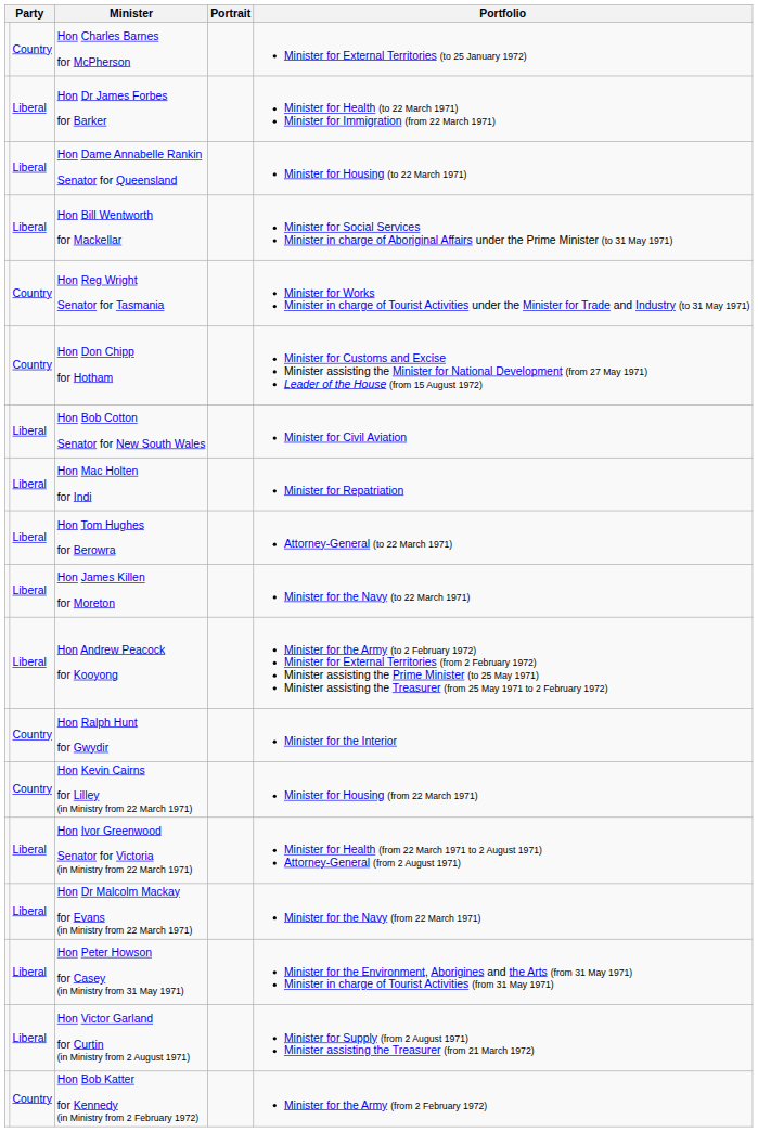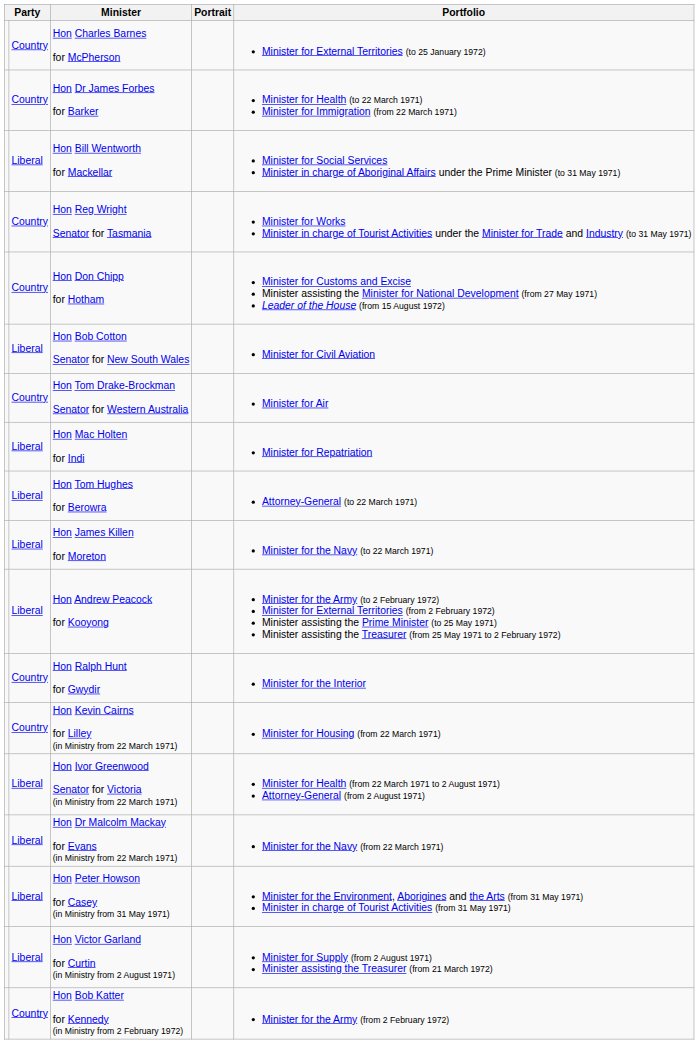 <table class="wikitable sortable">
 <tr>
 <th colspan="2">Party</th>
 <th>Minister</th>
 <th>Portrait</th>
 <th>Portfolio</th>
 </tr>
 <tr>
 <td></td>
 <td><a href='#'>Country</a></td>
 <td><a href='#'>Hon</a> <a href='#'>Charles Barnes</a> <br><br> for <a href='#'>McPherson</a> <br></td>
 <td></td>
 <td><br><ul><li><a href='#'>Minister for External Territories</a> <small>(to 25 January 1972)</small></li></ul></td>
 </tr>
 <tr>
 <td></td>
-<td><a href='#'>Liberal</a></td>
+<td><a href='#'>Country</a></td>
 <td><a href='#'>Hon</a> <a href='#'>Dr James Forbes</a>  <br><br> for <a href='#'>Barker</a> <br></td>
 <td></td>
 <td><br><ul><li><a href='#'>Minister for Health</a> <small>(to 22 March 1971)</small></li><li><a href='#'>Minister for Immigration</a> <small>(from 22 March 1971)</small></li></ul></td>
-</tr>
-<tr>
-<td></td>
-<td><a href='#'>Liberal</a></td>
-<td><a href='#'>Hon</a> <a href='#'>Dame Annabelle Rankin</a>  <br><br><a href='#'>Senator</a> for <a href='#'>Queensland</a> <br></td>
-<td></td>
-<td><br><ul><li><a href='#'>Minister for Housing</a> <small>(to 22 March 1971)</small></li></ul></td>
 </tr>
 <tr>
 <td></td>
 <td><a href='#'>Liberal</a></td>
 <td><a href='#'>Hon</a> <a href='#'>Bill Wentworth</a> <br><br> for <a href='#'>Mackellar</a> <br></td>
 <td></td>
 <td><br><ul><li><a href='#'>Minister for Social Services</a></li><li><a href='#'>Minister in charge of Aboriginal Affairs</a> under the Prime Minister <small>(to 31 May 1971)</small></li></ul></td>
 </tr>
 <tr>
 <td></td>
 <td><a href='#'>Country</a></td>
 <td><a href='#'>Hon</a> <a href='#'>Reg Wright</a> <br><br><a href='#'>Senator</a> for <a href='#'>Tasmania</a> <br></td>
 <td></td>
 <td><br><ul><li><a href='#'>Minister for Works</a></li><li><a href='#'>Minister in charge of Tourist Activities</a> under the <a href='#'>Minister for Trade</a> and <a href='#'>Industry</a>  <small>(to 31 May 1971)</small></li></ul></td>
 </tr>
 <tr>
 <td></td>
 <td><a href='#'>Country</a></td>
 <td><a href='#'>Hon</a> <a href='#'>Don Chipp</a> <br><br> for <a href='#'>Hotham</a> <br></td>
 <td></td>
 <td><br><ul><li><a href='#'>Minister for Customs and Excise</a></li><li>Minister assisting the <a href='#'>Minister for National Development</a> <small>(from 27 May 1971)</small></li><li><em><a href='#'>Leader of the House</a></em> <small>(from 15 August 1972)</small></li></ul></td>
 </tr>
 <tr>
 <td></td>
 <td><a href='#'>Liberal</a></td>
 <td><a href='#'>Hon</a> <a href='#'>Bob Cotton</a> <br><br><a href='#'>Senator</a> for <a href='#'>New South Wales</a> <br></td>
 <td></td>
 <td><br><ul><li><a href='#'>Minister for Civil Aviation</a></li></ul></td>
+</tr>
+<tr>
+<td></td>
+<td><a href='#'>Country</a></td>
+<td><a href='#'>Hon</a> <a href='#'>Tom Drake-Brockman</a>  <br><br><a href='#'>Senator</a> for <a href='#'>Western Australia</a> <br></td>
+<td></td>
+<td><br><ul><li><a href='#'>Minister for Air</a></li></ul></td>
 </tr>
 <tr>
 <td></td>
 <td><a href='#'>Liberal</a></td>
 <td><a href='#'>Hon</a> <a href='#'>Mac Holten</a> <br><br> for <a href='#'>Indi</a> <br></td>
 <td></td>
 <td><br><ul><li><a href='#'>Minister for Repatriation</a></li></ul></td>
 </tr>
 <tr>
 <td></td>
 <td><a href='#'>Liberal</a></td>
 <td><a href='#'>Hon</a> <a href='#'>Tom Hughes</a>  <br><br> for <a href='#'>Berowra</a> <br></td>
 <td></td>
 <td><br><ul><li><a href='#'>Attorney-General</a> <small>(to 22 March 1971)</small></li></ul></td>
 </tr>
 <tr>
 <td></td>
 <td><a href='#'>Liberal</a></td>
 <td><a href='#'>Hon</a> <a href='#'>James Killen</a> <br><br> for <a href='#'>Moreton</a> <br></td>
 <td></td>
 <td><br><ul><li><a href='#'>Minister for the Navy</a> <small>(to 22 March 1971)</small></li></ul></td>
 </tr>
 <tr>
 <td></td>
 <td><a href='#'>Liberal</a></td>
 <td><a href='#'>Hon</a> <a href='#'>Andrew Peacock</a> <br><br> for <a href='#'>Kooyong</a> <br></td>
 <td></td>
 <td><br><ul><li><a href='#'>Minister for the Army</a> <small>(to 2 February 1972)</small></li><li><a href='#'>Minister for External Territories</a> <small>(from 2 February 1972)</small></li><li>Minister assisting the <a href='#'>Prime Minister</a> <small>(to 25 May 1971)</small></li><li>Minister assisting the <a href='#'>Treasurer</a> <small>(from 25 May 1971 to 2 February 1972)</small></li></ul></td>
 </tr>
 <tr>
 <td></td>
 <td><a href='#'>Country</a></td>
 <td><a href='#'>Hon</a> <a href='#'>Ralph Hunt</a> <br><br> for <a href='#'>Gwydir</a> <br></td>
 <td></td>
 <td><br><ul><li><a href='#'>Minister for the Interior</a></li></ul></td>
 </tr>
 <tr>
 <td></td>
 <td><a href='#'>Country</a></td>
 <td><a href='#'>Hon</a> <a href='#'>Kevin Cairns</a> <br><br> for <a href='#'>Lilley</a> <br> <small>(in Ministry from 22 March 1971)</small></td>
 <td></td>
 <td><br><ul><li><a href='#'>Minister for Housing</a> <small>(from 22 March 1971)</small></li></ul></td>
 </tr>
 <tr>
 <td></td>
 <td><a href='#'>Liberal</a></td>
 <td><a href='#'>Hon</a> <a href='#'>Ivor Greenwood</a>  <br><br><a href='#'>Senator</a> for <a href='#'>Victoria</a> <br> <small>(in Ministry from 22 March 1971)</small></td>
 <td></td>
 <td><br><ul><li><a href='#'>Minister for Health</a> <small>(from 22 March 1971 to 2 August 1971)</small></li><li><a href='#'>Attorney-General</a> <small>(from 2 August 1971)</small></li></ul></td>
 </tr>
 <tr>
 <td></td>
 <td><a href='#'>Liberal</a></td>
 <td><a href='#'>Hon</a> <a href='#'>Dr Malcolm Mackay</a> <br><br> for <a href='#'>Evans</a> <br> <small>(in Ministry from 22 March 1971)</small></td>
 <td></td>
 <td><br><ul><li><a href='#'>Minister for the Navy</a> <small>(from 22 March 1971)</small></li></ul></td>
 </tr>
 <tr>
 <td></td>
 <td><a href='#'>Liberal</a></td>
 <td><a href='#'>Hon</a> <a href='#'>Peter Howson</a> <br><br> for <a href='#'>Casey</a> <br> <small>(in Ministry from 31 May 1971)</small></td>
 <td></td>
 <td><br><ul><li><a href='#'>Minister for the Environment</a>, <a href='#'>Aborigines</a> and <a href='#'>the Arts</a> <small>(from 31 May 1971)</small></li><li><a href='#'>Minister in charge of Tourist Activities</a> <small>(from 31 May 1971)</small></li></ul></td>
 </tr>
 <tr>
 <td></td>
 <td><a href='#'>Liberal</a></td>
 <td><a href='#'>Hon</a> <a href='#'>Victor Garland</a> <br><br> for <a href='#'>Curtin</a> <br> <small>(in Ministry from 2 August 1971)</small></td>
 <td></td>
 <td><br><ul><li><a href='#'>Minister for Supply</a> <small>(from 2 August 1971)</small></li><li><a href='#'>Minister assisting the Treasurer</a> <small>(from 21 March 1972)</small></li></ul></td>
 </tr>
 <tr>
 <td></td>
 <td><a href='#'>Country</a></td>
 <td><a href='#'>Hon</a> <a href='#'>Bob Katter</a> <br><br> for <a href='#'>Kennedy</a> <br> <small>(in Ministry from 2 February 1972)</small></td>
 <td></td>
 <td><br><ul><li><a href='#'>Minister for the Army</a> <small>(from 2 February 1972)</small></li></ul></td>
 </tr>
 </table>
